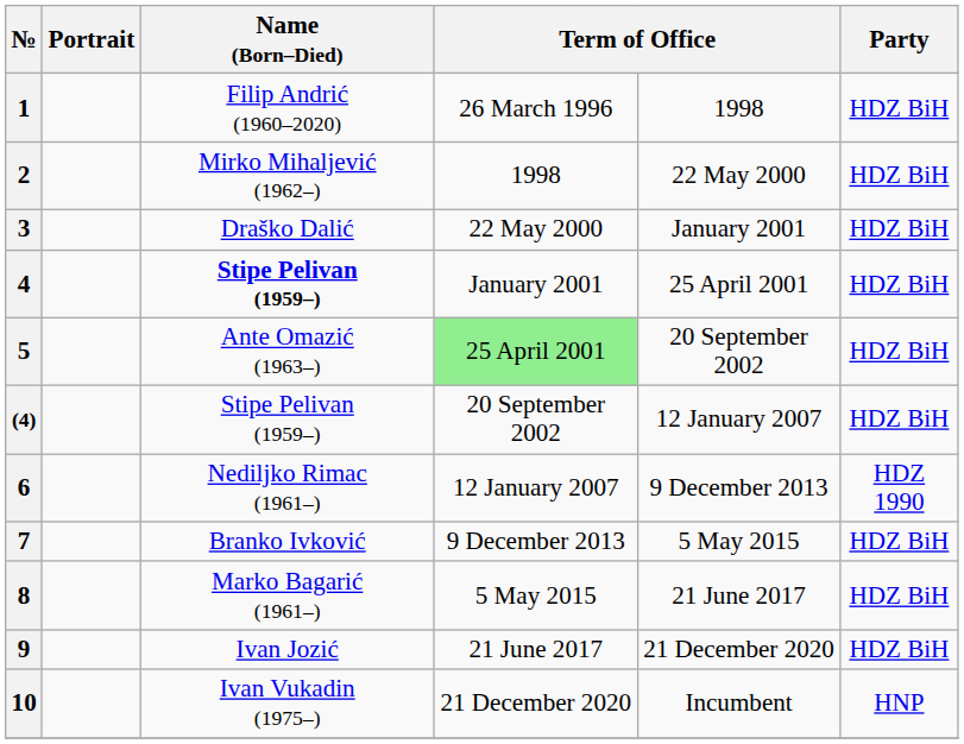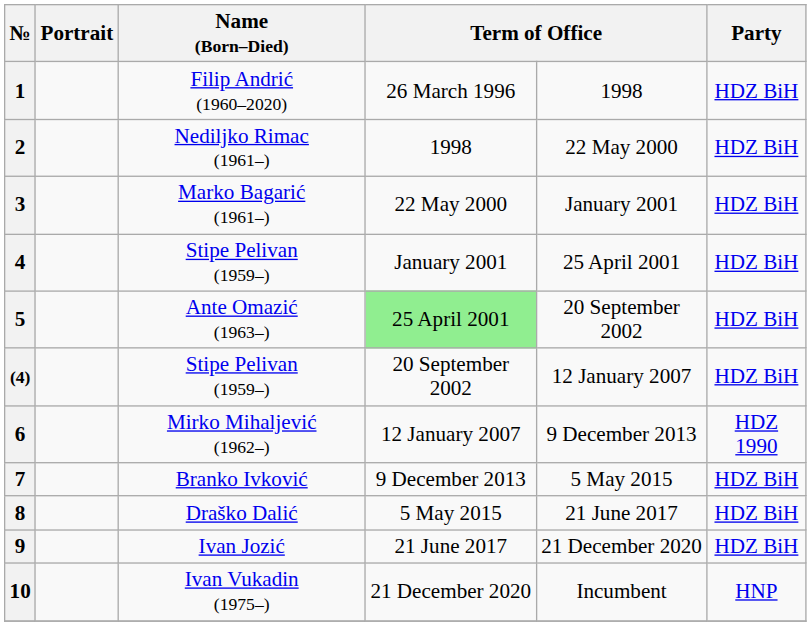 <table class="wikitable" style="text-align:center">
 <tr ->
 <th>№</th>
 <th>Portrait</th>
 <th width=180>Name<br><small>(Born–Died)</small></th>
 <th colspan=2>Term of Office</th>
 <th>Party</th>
 </tr>
 <tr ->
 <th style="background:">1</th>
 <td></td>
 <td><a href='#'>Filip Andrić</a><br><small>(1960–2020)</small></td>
 <td>26 March 1996</td>
 <td>1998</td>
 <td><a href='#'>HDZ BiH</a></td>
 </tr>
 <tr ->
 <th style="background:">2</th>
 <td></td>
-<td><a href='#'>Mirko Mihaljević</a><br><small>(1962–)</small></td>
+<td><a href='#'>Nediljko Rimac</a><br><small>(1961–)</small></td>
 <td>1998</td>
 <td>22 May 2000</td>
 <td><a href='#'>HDZ BiH</a></td>
 </tr>
 <tr ->
 <th style="background:">3</th>
 <td></td>
-<td><a href='#'>Draško Dalić</a></td>
+<td><a href='#'>Marko Bagarić</a><br><small>(1961–)</small></td>
 <td>22 May 2000</td>
 <td>January 2001</td>
 <td><a href='#'>HDZ BiH</a></td>
 </tr>
 <tr ->
 <th style="background:">4</th>
 <td></td>
-<td><strong><a href='#'>Stipe Pelivan</a><br><small>(1959–)</small></strong></td>
+<td><a href='#'>Stipe Pelivan</a><br><small>(1959–)</small></td>
 <td>January 2001</td>
 <td>25 April 2001</td>
 <td><a href='#'>HDZ BiH</a></td>
 </tr>
 <tr ->
 <th style="background:">5</th>
 <td></td>
 <td><a href='#'>Ante Omazić</a><br><small>(1963–)</small></td>
 <td style="background: lightgreen;">25 April 2001</td>
 <td>20 September 2002</td>
 <td><a href='#'>HDZ BiH</a></td>
 </tr>
 <tr ->
 <th style="background:"><small>(4)</small></th>
 <td></td>
 <td><a href='#'>Stipe Pelivan</a><br><small>(1959–)</small></td>
 <td>20 September 2002</td>
 <td>12 January 2007</td>
 <td><a href='#'>HDZ BiH</a></td>
 </tr>
 <tr ->
 <th style="background:">6</th>
 <td></td>
-<td><a href='#'>Nediljko Rimac</a><br><small>(1961–)</small></td>
+<td><a href='#'>Mirko Mihaljević</a><br><small>(1962–)</small></td>
 <td>12 January 2007</td>
 <td>9 December 2013</td>
 <td><a href='#'>HDZ 1990</a></td>
 </tr>
 <tr ->
 <th style="background:">7</th>
 <td></td>
 <td><a href='#'>Branko Ivković</a></td>
 <td>9 December 2013</td>
 <td>5 May 2015</td>
 <td><a href='#'>HDZ BiH</a></td>
 </tr>
 <tr ->
 <th style="background:">8</th>
 <td></td>
-<td><a href='#'>Marko Bagarić</a><br><small>(1961–)</small></td>
+<td><a href='#'>Draško Dalić</a></td>
 <td>5 May 2015</td>
 <td>21 June 2017</td>
 <td><a href='#'>HDZ BiH</a></td>
 </tr>
 <tr ->
 <th style="background:">9</th>
 <td></td>
 <td><a href='#'>Ivan Jozić</a></td>
 <td>21 June 2017</td>
 <td>21 December 2020</td>
 <td><a href='#'>HDZ BiH</a></td>
 </tr>
 <tr ->
 <th style="background:">10</th>
 <td></td>
 <td><a href='#'>Ivan Vukadin</a><br><small>(1975–)</small></td>
 <td>21 December 2020</td>
 <td>Incumbent</td>
 <td><a href='#'>HNP</a></td>
 </tr>
 <tr ->
 </tr>
 </table>
